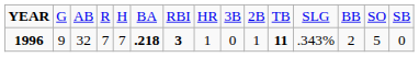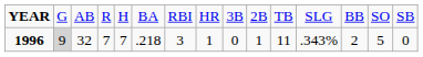 <table class="sortable wikitable">
 <tr align=center>
 <td><strong>YEAR</strong></td>
 <td><a href='#'>G</a></td>
 <td><a href='#'>AB</a></td>
 <td><a href='#'>R</a></td>
 <td><a href='#'>H</a></td>
 <td><a href='#'>BA</a></td>
 <td><a href='#'>RBI</a></td>
 <td><a href='#'>HR</a></td>
 <td><a href='#'>3B</a></td>
 <td><a href='#'>2B</a></td>
 <td><a href='#'>TB</a></td>
 <td><a href='#'>SLG</a></td>
 <td><a href='#'>BB</a></td>
 <td><a href='#'>SO</a></td>
 <td><a href='#'>SB</a></td>
 </tr>
 <tr align=center>
 <td><strong>1996</strong></td>
-<td>9</td>
+<td style="background: lightgrey;">9</td>
 <td>32</td>
 <td>7</td>
 <td>7</td>
-<td><strong>.218</strong></td>
-<td><strong>3</strong></td>
+<td>.218</td>
+<td>3</td>
 <td>1</td>
 <td>0</td>
 <td>1</td>
-<td><strong>11</strong></td>
+<td>11</td>
 <td>.343%</td>
 <td>2</td>
 <td>5</td>
 <td>0</td>
 </tr>
 </table>
